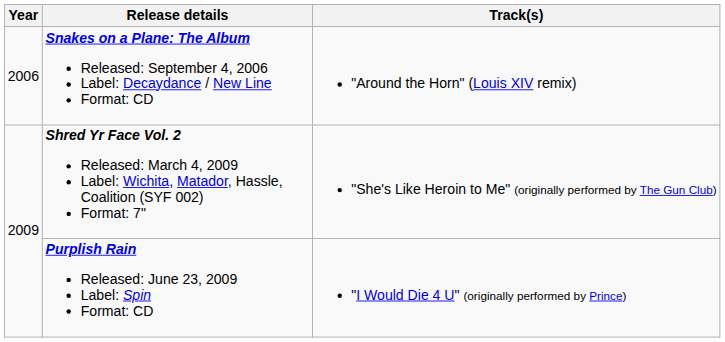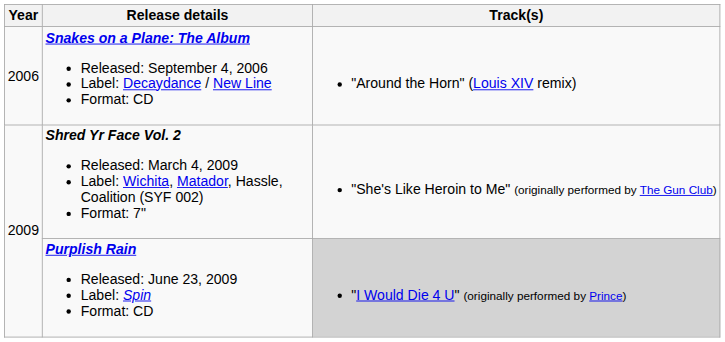 <table class ="wikitable">
 <tr>
 <th>Year</th>
 <th width="300">Release details</th>
 <th>Track(s)</th>
 </tr>
 <tr>
 <td>2006</td>
 <td><strong><em><a href='#'>Snakes on a Plane: The Album</a></em></strong><br><ul><li>Released: September 4, 2006</li><li>Label: <a href='#'>Decaydance</a> / <a href='#'>New Line</a></li><li>Format: CD</li></ul></td>
 <td><br><ul><li>"Around the Horn" (<a href='#'>Louis XIV</a> remix)</li></ul></td>
 </tr>
 <tr>
 <td rowspan="2" align="left">2009</td>
 <td><strong><em>Shred Yr Face Vol. 2</em></strong><br><ul><li>Released: March 4, 2009</li><li>Label: <a href='#'>Wichita</a>, <a href='#'>Matador</a>, Hassle, Coalition (SYF 002)</li><li>Format: 7"</li></ul></td>
 <td><br><ul><li>"She's Like Heroin to Me" <small>(originally performed by <a href='#'>The Gun Club</a>)</small></li></ul></td>
 </tr>
 <tr>
 <td><strong><em><a href='#'>Purplish Rain</a></em></strong><br><ul><li>Released: June 23, 2009</li><li>Label: <em><a href='#'>Spin</a></em></li><li>Format: CD</li></ul></td>
-<td><br><ul><li>"<a href='#'>I Would Die 4 U</a>" <small>(originally performed by <a href='#'>Prince</a>)</small></li></ul></td>
+<td style="background: lightgrey;"><br><ul><li>"<a href='#'>I Would Die 4 U</a>" <small>(originally performed by <a href='#'>Prince</a>)</small></li></ul></td>
 </tr>
 </table>
